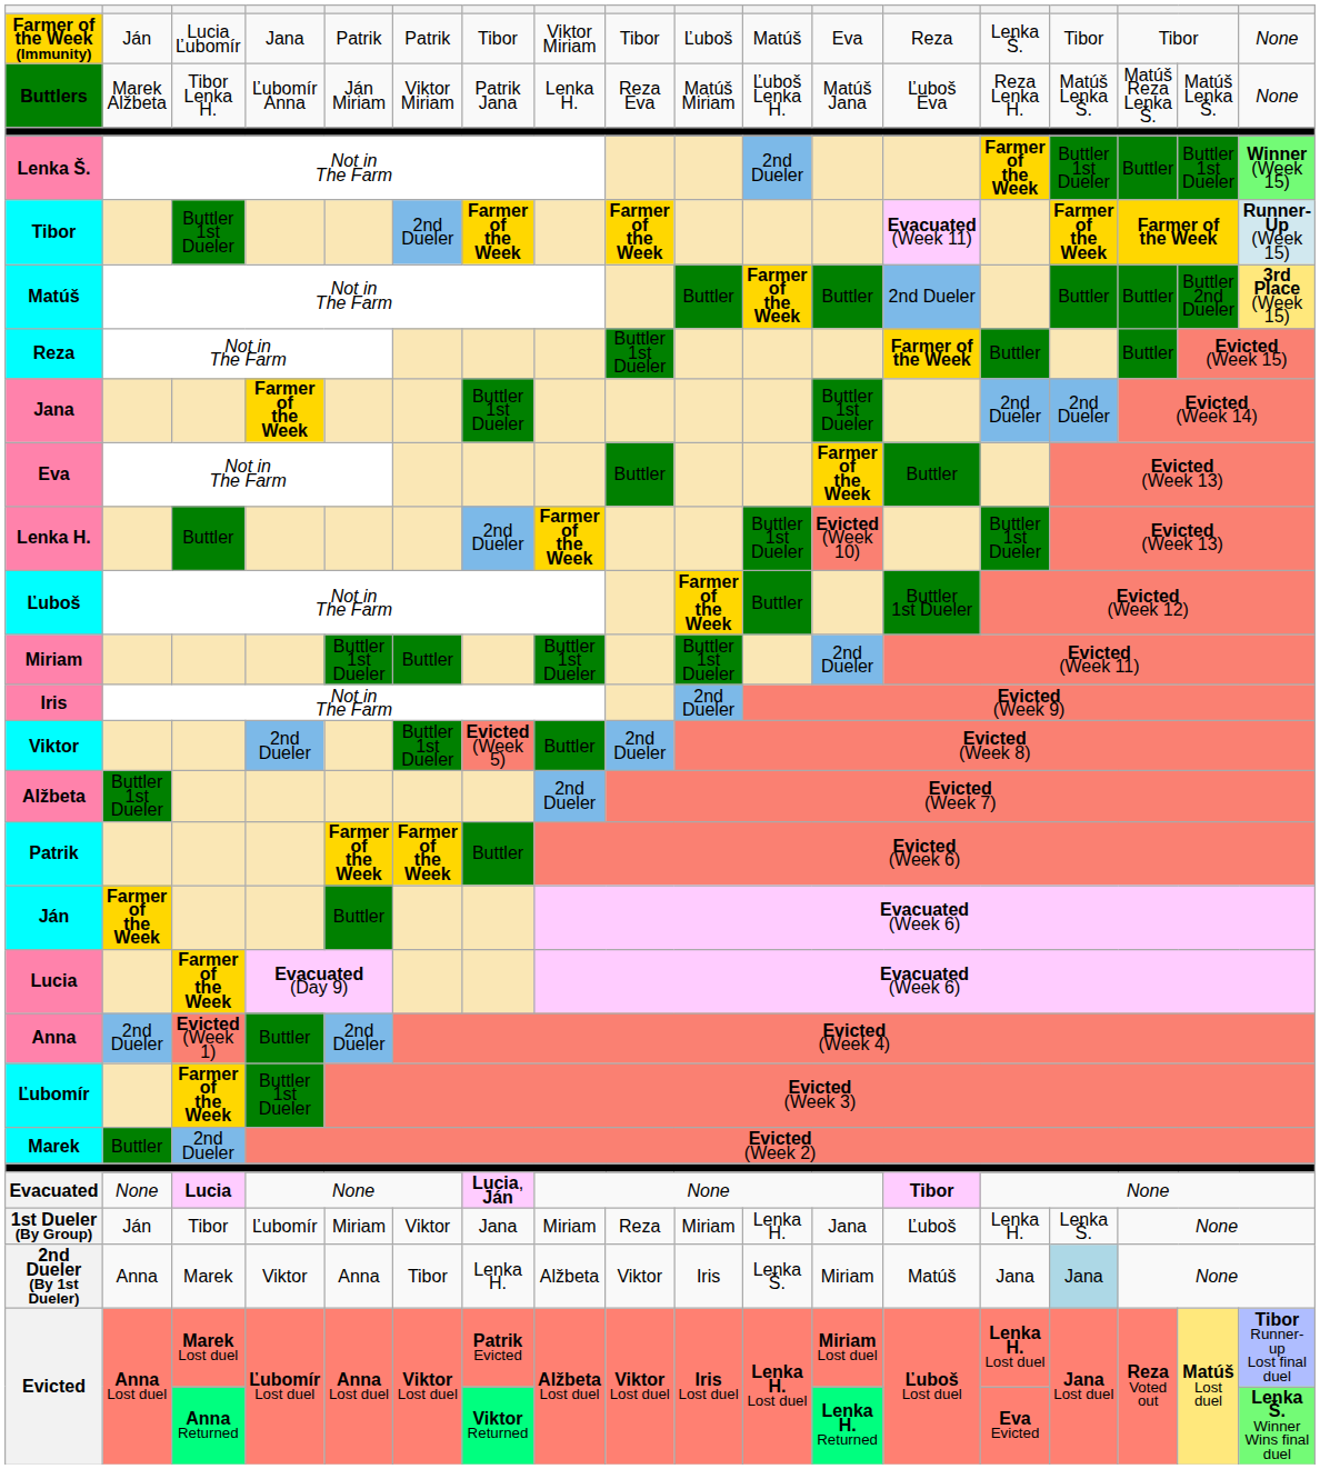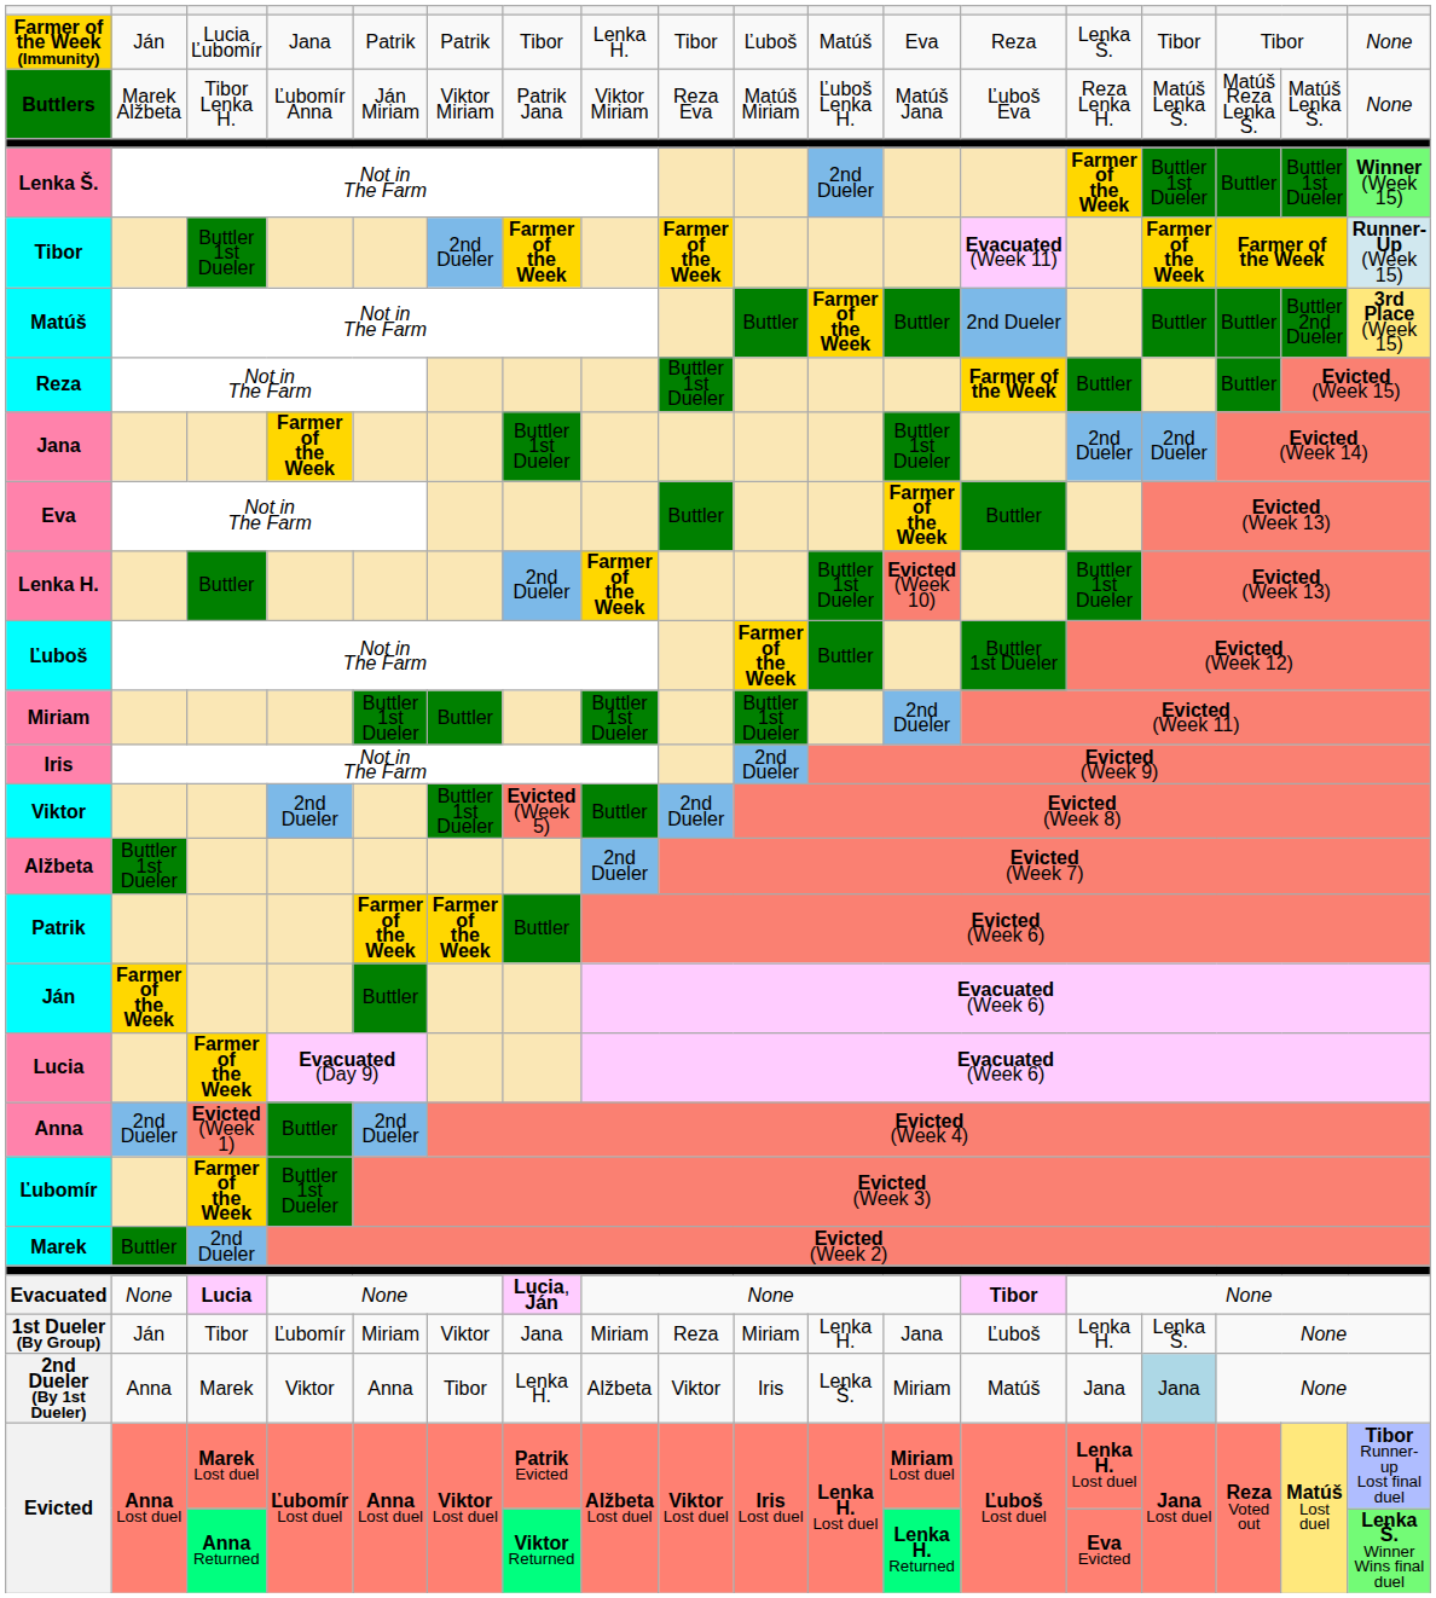 <table class="wikitable" style="text-align:center; width:80%; font-size:80%; line-height:10px">
 <tr>
 <th></th>
 <th></th>
 <th></th>
 <th></th>
 <th></th>
 <th></th>
 <th></th>
 <th></th>
 <th></th>
 <th></th>
 <th></th>
 <th></th>
 <th></th>
 <th></th>
 <th></th>
 <th colspan=2></th>
 <th></th>
 </tr>
 <tr>
 <th style="background:gold;" colspan=1>Farmer of the Week<br><small>(Immunity)</small></th>
 <td>Ján</td>
 <td>Lucia<br>Ľubomír</td>
 <td>Jana</td>
 <td>Patrik</td>
 <td>Patrik</td>
 <td>Tibor</td>
-<td>Viktor<br>Miriam</td>
+<td>Lenka H.</td>
 <td>Tibor</td>
 <td>Ľuboš</td>
 <td>Matúš</td>
 <td>Eva</td>
 <td>Reza</td>
 <td>Lenka Š.</td>
 <td>Tibor</td>
 <td colspan=2>Tibor</td>
 <td><em>None</em></td>
 </tr>
 <tr>
 <th style="background:#008000;">Buttlers</th>
 <td>Marek<br>Alžbeta</td>
 <td>Tibor<br>Lenka H.</td>
 <td>Ľubomír<br>Anna</td>
 <td>Ján<br>Miriam</td>
 <td>Viktor<br>Miriam</td>
 <td>Patrik<br>Jana</td>
-<td>Lenka H.</td>
+<td>Viktor<br>Miriam</td>
 <td>Reza<br>Eva</td>
 <td>Matúš<br>Miriam</td>
 <td>Ľuboš<br>Lenka H.</td>
 <td>Matúš<br>Jana</td>
 <td>Ľuboš<br>Eva</td>
 <td>Reza<br>Lenka H.</td>
 <td>Matúš<br>Lenka Š.</td>
 <td>Matúš<br>Reza<br>Lenka Š.</td>
 <td>Matúš<br>Lenka Š.</td>
 <td colspan=3><em>None</em></td>
 </tr>
 <tr>
 <th style="background:#000000;" colspan="18"></th>
 </tr>
 <tr>
 </tr>
 <tr>
 <th style="background:#FF82AB;">Lenka Š.</th>
 <td style="background:#FFFFFF; text-align:center;" colspan=7><em>Not in<br>The Farm</em></td>
 <td style="background:#FAE7B5;"></td>
 <td style="background:#FAE7B5;"></td>
 <td style="background:#7CB9E8;">2nd Dueler</td>
 <td style="background:#FAE7B5;"></td>
 <td style="background:#FAE7B5;"></td>
 <td style="background:gold;"><strong>Farmer of<br>the Week</strong></td>
 <td style="background:#008000;">Buttler<br>1st Dueler</td>
 <td style="background:#008000;">Buttler</td>
 <td style="background:#008000;">Buttler<br>1st Dueler</td>
 <td style="background:#73FB76" colspan=2><strong>Winner</strong> <br> (Week 15)</td>
 </tr>
 <tr>
 <th style="background:cyan;">Tibor</th>
 <td style="background:#FAE7B5;"></td>
 <td style="background:#008000;">Buttler<br>1st Dueler</td>
 <td style="background:#FAE7B5;"></td>
 <td style="background:#FAE7B5;"></td>
 <td style="background:#7CB9E8;">2nd Dueler</td>
 <td style="background:gold;"><strong>Farmer of<br>the Week</strong></td>
 <td style="background:#FAE7B5;"></td>
 <td style="background:gold;"><strong>Farmer of<br>the Week</strong></td>
 <td style="background:#FAE7B5;"></td>
 <td style="background:#FAE7B5;"></td>
 <td style="background:#FAE7B5;"></td>
 <td style="background:#fcf; text-align:center;" colspan=1><strong>Evacuated</strong> <br> (Week 11)</td>
 <td style="background:#FAE7B5;"></td>
 <td style="background:gold;"><strong>Farmer of<br>the Week</strong></td>
 <td colspan=2 style="background:gold;"><strong>Farmer of<br>the Week</strong></td>
 <td style="background:#D1E8EF" colspan=2><strong>Runner-Up</strong> <br> (Week 15)</td>
 </tr>
 <tr>
 <th style="background:cyan;">Matúš</th>
 <td style="background:#FFFFFF; text-align:center;" colspan=7><em>Not in<br>The Farm</em></td>
 <td style="background:#FAE7B5;"></td>
 <td style="background:#008000;">Buttler</td>
 <td style="background:gold;"><strong>Farmer of<br>the Week</strong></td>
 <td style="background:#008000;">Buttler</td>
 <td style="background:#7CB9E8;">2nd Dueler</td>
 <td style="background:#FAE7B5;"></td>
 <td style="background:#008000;">Buttler</td>
 <td style="background:#008000;">Buttler</td>
 <td style="background:#008000;">Buttler<br>2nd Dueler</td>
 <td style="background:#FFE87C" colspan=2><strong>3rd Place</strong> <br> (Week 15)</td>
 </tr>
 <tr>
 <th style="background:cyan;">Reza</th>
 <td style="background:#FFFFFF; text-align:center;" colspan=4><em>Not in<br>The Farm</em></td>
 <td style="background:#FAE7B5;"></td>
 <td style="background:#FAE7B5;"></td>
 <td style="background:#FAE7B5;"></td>
 <td style="background:#008000;">Buttler<br>1st Dueler</td>
 <td style="background:#FAE7B5;"></td>
 <td style="background:#FAE7B5;"></td>
 <td style="background:#FAE7B5;"></td>
 <td style="background:gold;"><strong>Farmer of<br>the Week</strong></td>
 <td style="background:#008000;">Buttler</td>
 <td style="background:#FAE7B5;"></td>
 <td style="background:#008000;">Buttler</td>
 <td colspan=16 style="background:salmon;"><strong>Evicted</strong> <br> (Week 15)</td>
 </tr>
 <tr>
 <th style="background:#FF82AB;">Jana</th>
 <td style="background:#FAE7B5;"></td>
 <td style="background:#FAE7B5;"></td>
 <td style="background:gold;"><strong>Farmer of<br>the Week</strong></td>
 <td style="background:#FAE7B5;"></td>
 <td style="background:#FAE7B5;"></td>
 <td style="background:#008000;">Buttler<br>1st Dueler</td>
 <td style="background:#FAE7B5;"></td>
 <td style="background:#FAE7B5;"></td>
 <td style="background:#FAE7B5;"></td>
 <td style="background:#FAE7B5;"></td>
 <td style="background:#008000;">Buttler<br>1st Dueler</td>
 <td style="background:#FAE7B5;"></td>
 <td style="background:#7CB9E8;">2nd Dueler</td>
 <td style="background:#7CB9E8;">2nd Dueler</td>
 <td colspan=16 style="background:salmon;"><strong>Evicted</strong> <br> (Week 14)</td>
 </tr>
 <tr>
 <th style="background:#FF82AB;">Eva</th>
 <td style="background:#FFFFFF; text-align:center;" colspan=4><em>Not in<br>The Farm</em></td>
 <td style="background:#FAE7B5;"></td>
 <td style="background:#FAE7B5;"></td>
 <td style="background:#FAE7B5;"></td>
 <td style="background:#008000;">Buttler</td>
 <td style="background:#FAE7B5;"></td>
 <td style="background:#FAE7B5;"></td>
 <td style="background:gold;"><strong>Farmer of<br>the Week</strong></td>
 <td style="background:#008000;">Buttler</td>
 <td style="background:#FAE7B5;"></td>
 <td colspan=16 style="background:salmon;"><strong>Evicted</strong> <br> (Week 13)</td>
 </tr>
 <tr>
 <th style="background:#FF82AB;">Lenka H.</th>
 <td style="background:#FAE7B5;"></td>
 <td style="background:#008000;">Buttler</td>
 <td style="background:#FAE7B5;"></td>
 <td style="background:#FAE7B5;"></td>
 <td style="background:#FAE7B5;"></td>
 <td style="background:#7CB9E8;">2nd Dueler</td>
 <td style="background:gold;"><strong>Farmer of<br>the Week</strong></td>
 <td style="background:#FAE7B5;"></td>
 <td style="background:#FAE7B5;"></td>
 <td style="background:#008000;">Buttler<br>1st Dueler</td>
 <td colspan=1 style="background:salmon;"><strong>Evicted</strong> <br> (Week 10)</td>
 <td style="background:#FAE7B5;"></td>
 <td style="background:#008000;">Buttler<br>1st Dueler</td>
 <td colspan=16 style="background:salmon;"><strong>Evicted</strong> <br> (Week 13)</td>
 </tr>
 <tr>
 <th style="background:cyan;">Ľuboš</th>
 <td style="background:#FFFFFF; text-align:center;" colspan=7><em>Not in<br>The Farm</em></td>
 <td style="background:#FAE7B5;"></td>
 <td style="background:gold;"><strong>Farmer of<br>the Week</strong></td>
 <td style="background:#008000;">Buttler</td>
 <td style="background:#FAE7B5;"></td>
 <td style="background:#008000;">Buttler<br>1st Dueler</td>
 <td colspan=16 style="background:salmon;"><strong>Evicted</strong> <br> (Week 12)</td>
 </tr>
 <tr>
 <th style="background:#FF82AB;">Miriam</th>
 <td style="background:#FAE7B5;"></td>
 <td style="background:#FAE7B5;"></td>
 <td style="background:#FAE7B5;"></td>
 <td style="background:#008000;">Buttler<br>1st Dueler</td>
 <td style="background:#008000;">Buttler</td>
 <td style="background:#FAE7B5;"></td>
 <td style="background:#008000;">Buttler<br>1st Dueler</td>
 <td style="background:#FAE7B5;"></td>
 <td style="background:#008000;">Buttler<br>1st Dueler</td>
 <td style="background:#FAE7B5;"></td>
 <td style="background:#7CB9E8;">2nd Dueler</td>
 <td colspan=16 style="background:salmon;"><strong>Evicted</strong> <br> (Week 11)</td>
 </tr>
 <tr>
 <th style="background:#FF82AB;">Iris</th>
 <td style="background:#FFFFFF; text-align:center;" colspan=7><em>Not in<br>The Farm</em></td>
 <td style="background:#FAE7B5;"></td>
 <td style="background:#7CB9E8;">2nd Dueler</td>
 <td colspan=16 style="background:salmon;"><strong>Evicted</strong> <br> (Week 9)</td>
 </tr>
 <tr>
 <th style="background:cyan;">Viktor</th>
 <td style="background:#FAE7B5;"></td>
 <td style="background:#FAE7B5;"></td>
 <td style="background:#7CB9E8;">2nd Dueler</td>
 <td style="background:#FAE7B5;"></td>
 <td style="background:#008000;">Buttler<br>1st Dueler</td>
 <td colspan=1 style="background:salmon;"><strong>Evicted</strong> <br> (Week 5)</td>
 <td style="background:#008000;">Buttler</td>
 <td style="background:#7CB9E8;">2nd Dueler</td>
 <td colspan=16 style="background:salmon;"><strong>Evicted</strong> <br> (Week 8)</td>
 </tr>
 <tr>
 <th style="background:#FF82AB;">Alžbeta</th>
 <td style="background:#008000;">Buttler<br>1st Dueler</td>
 <td style="background:#FAE7B5;"></td>
 <td style="background:#FAE7B5;"></td>
 <td style="background:#FAE7B5;"></td>
 <td style="background:#FAE7B5;"></td>
 <td style="background:#FAE7B5;"></td>
 <td style="background:#7CB9E8;">2nd Dueler</td>
 <td colspan=16 style="background:salmon;"><strong>Evicted</strong> <br> (Week 7)</td>
 </tr>
 <tr>
 <th style="background:cyan;">Patrik</th>
 <td style="background:#FAE7B5;"></td>
 <td style="background:#FAE7B5;"></td>
 <td style="background:#FAE7B5;"></td>
 <td style="background:gold;"><strong>Farmer of<br>the Week</strong></td>
 <td style="background:gold;"><strong>Farmer of<br>the Week</strong></td>
 <td style="background:#008000;">Buttler</td>
 <td colspan=16 style="background:salmon;"><strong>Evicted</strong> <br> (Week 6)</td>
 </tr>
 <tr>
 <th style="background:cyan;">Ján</th>
 <td style="background:gold;"><strong>Farmer of<br>the Week</strong></td>
 <td style="background:#FAE7B5;"></td>
 <td style="background:#FAE7B5;"></td>
 <td style="background:#008000;">Buttler</td>
 <td style="background:#FAE7B5;"></td>
 <td style="background:#FAE7B5;"></td>
 <td style="background:#fcf; text-align:center;" colspan=16><strong>Evacuated</strong> <br> (Week 6)</td>
 </tr>
 <tr>
 <th style="background:#FF82AB;">Lucia</th>
 <td style="background:#FAE7B5;"></td>
 <td style="background:gold;"><strong>Farmer of<br>the Week</strong></td>
 <td style="background:#fcf; text-align:center;" colspan=2><strong>Evacuated</strong> <br> (Day 9)</td>
 <td style="background:#FAE7B5;"></td>
 <td style="background:#FAE7B5;"></td>
 <td style="background:#fcf; text-align:center;" colspan=16><strong>Evacuated</strong> <br> (Week 6)</td>
 </tr>
 <tr>
 <th style="background:#FF82AB;">Anna</th>
 <td style="background:#7CB9E8;">2nd Dueler</td>
 <td colspan=1 style="background:salmon;"><strong>Evicted</strong> <br> (Week 1)</td>
 <td style="background:#008000;">Buttler</td>
 <td style="background:#7CB9E8;">2nd Dueler</td>
 <td colspan=16 style="background:salmon;"><strong>Evicted</strong> <br> (Week 4)</td>
 </tr>
 <tr>
 <th style="background:cyan;">Ľubomír</th>
 <td style="background:#FAE7B5;"></td>
 <td style="background:gold;"><strong>Farmer of<br>the Week</strong></td>
 <td style="background:#008000;">Buttler<br>1st Dueler</td>
 <td colspan=16 style="background:salmon;"><strong>Evicted</strong> <br> (Week 3)</td>
 </tr>
 <tr>
 <th style="background:cyan;">Marek</th>
 <td style="background:#008000;">Buttler</td>
 <td style="background:#7CB9E8;">2nd Dueler</td>
 <td colspan=16 style="background:salmon;"><strong>Evicted</strong> <br> (Week 2)</td>
 </tr>
 <tr>
 </tr>
 <tr>
 <th style="background:#000000;" colspan="18"></th>
 </tr>
 <tr>
 <th>Evacuated</th>
 <td colspan="1"><em>None</em></td>
 <td style="background:#fcf;"><strong>Lucia</strong></td>
 <td colspan="3"><em>None</em></td>
 <td style="background:#fcf;"><strong>Lucia</strong>, <strong>Ján</strong></td>
 <td colspan="5"><em>None</em></td>
 <td style="background:#fcf;"><strong>Tibor</strong></td>
 <td colspan="6"><em>None</em></td>
 </tr>
 <tr>
 <th>1st Dueler<br><small>(By Group)</small></th>
 <td>Ján</td>
 <td>Tibor</td>
 <td>Ľubomír</td>
 <td>Miriam</td>
 <td>Viktor</td>
 <td>Jana</td>
 <td>Miriam</td>
 <td>Reza</td>
 <td>Miriam</td>
 <td>Lenka H.</td>
 <td>Jana</td>
 <td>Ľuboš</td>
 <td>Lenka H.</td>
 <td>Lenka Š.</td>
 <td colspan=3><em>None</em></td>
 </tr>
 <tr>
 <th>2nd Dueler<br><small>(By 1st Dueler)</small></th>
 <td>Anna</td>
 <td>Marek</td>
 <td>Viktor</td>
 <td>Anna</td>
 <td>Tibor</td>
 <td>Lenka H.</td>
 <td>Alžbeta</td>
 <td>Viktor</td>
 <td>Iris</td>
 <td>Lenka Š.</td>
 <td>Miriam</td>
 <td>Matúš</td>
 <td>Jana</td>
 <td style="background: lightblue;">Jana</td>
 <td colspan=3><em>None</em></td>
 </tr>
 <tr>
 <th rowspan="2">Evicted</th>
 <td rowspan="2" style="background:#FF8072"><strong>Anna</strong><br><small>Lost duel</small></td>
 <td style="background:#FF8072"><strong>Marek</strong><br><small>Lost duel</small></td>
 <td rowspan="2" style="background:#FF8072"><strong>Ľubomír</strong><br><small>Lost duel</small></td>
 <td rowspan="2" style="background:#FF8072"><strong>Anna</strong><br><small>Lost duel</small></td>
 <td rowspan="2" style="background:#FF8072"><strong>Viktor</strong><br><small>Lost duel</small></td>
 <td style="background:#FF8072"><strong>Patrik</strong><br><small>Evicted</small></td>
 <td rowspan="2" style="background:#FF8072"><strong>Alžbeta</strong><br><small>Lost duel</small></td>
 <td rowspan="2" style="background:#FF8072"><strong>Viktor</strong><br><small>Lost duel</small></td>
 <td rowspan="2" style="background:#FF8072"><strong>Iris</strong><br><small>Lost duel</small></td>
 <td rowspan="2" style="background:#FF8072"><strong>Lenka H.</strong><br><small>Lost duel</small></td>
 <td style="background:#FF8072"><strong>Miriam</strong><br><small>Lost duel</small></td>
 <td rowspan="2" style="background:#FF8072"><strong>Ľuboš</strong><br><small>Lost duel</small></td>
 <td style="background:#FF8072"><strong>Lenka H.</strong><br><small>Lost duel</small></td>
 <td rowspan="2" style="background:#FF8072"><strong>Jana</strong><br><small>Lost duel</small></td>
 <td rowspan="2" style="background:#FF8072"><strong>Reza</strong><br><small>Voted out</small></td>
 <td rowspan="2" style="background:#FFE87C"><strong>Matúš</strong><br><small>Lost duel</small></td>
 <td style="background:#afbdff"><strong>Tibor</strong><br><small>Runner-up<br>Lost final duel</small></td>
 </tr>
 <tr>
 <td style="background:#00FF7F"><strong>Anna</strong><br><small>Returned</small></td>
 <td style="background:#00FF7F"><strong>Viktor</strong><br><small>Returned</small></td>
 <td style="background:#00FF7F"><strong>Lenka H.</strong><br><small>Returned</small></td>
 <td style="background:#FF8072"><strong>Eva</strong><br><small>Evicted</small></td>
 <td style="background:#73FB76"><strong>Lenka Š.</strong><br><small>Winner<br>Wins final duel</small></td>
 </tr>
 </table>
